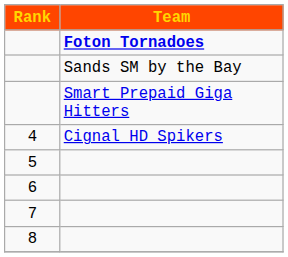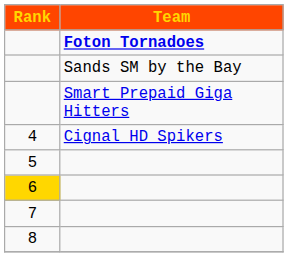 <table class="wikitable" style="text-align: center;">
 <tr>
 <th width=40 style="background:#FF4500; color:#FFD700;">Rank</th>
 <th width=180 style="background:#FF4500; color:#FFD700;">Team</th>
 </tr>
 <tr>
 <td></td>
 <td align="left"><strong><a href='#'>Foton Tornadoes</a></strong></td>
 </tr>
 <tr>
 <td></td>
 <td align="left">Sands SM by the Bay</td>
 </tr>
 <tr>
 <td></td>
 <td align="left"><a href='#'>Smart Prepaid Giga Hitters</a></td>
 </tr>
 <tr>
 <td>4</td>
 <td align="left"><a href='#'>Cignal HD Spikers</a></td>
 </tr>
 <tr>
 <td>5</td>
 <td align="left"></td>
 </tr>
 <tr>
-<td>6</td>
+<td style="background: gold;">6</td>
 <td align="left"></td>
 </tr>
 <tr>
 <td>7</td>
 <td align="left"></td>
 </tr>
 <tr>
 <td>8</td>
 <td align="left"></td>
 </tr>
 <tr>
 </tr>
 </table>
